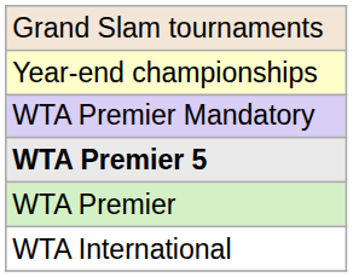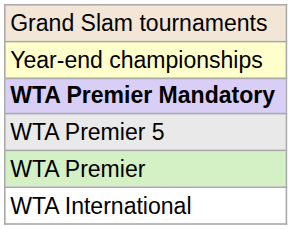 <table class=wikitable style=font-size:90%;width:14%>
 <tr style="background:#F3E6D7;">
 <td>Grand Slam tournaments</td>
 </tr>
 <tr style="background:#ffc;">
 <td>Year-end championships</td>
 </tr>
 <tr style="background:#d8cef6;">
-<td>WTA Premier Mandatory</td>
+<td><strong>WTA Premier Mandatory</strong></td>
 </tr>
 <tr style="background:#E9E9E9;">
-<td><strong>WTA Premier 5</strong></td>
+<td>WTA Premier 5</td>
 </tr>
 <tr style="background:#D4F1C5;">
 <td>WTA Premier</td>
 </tr>
 <tr style="background:#fff;">
 <td>WTA International</td>
 </tr>
 </table>
